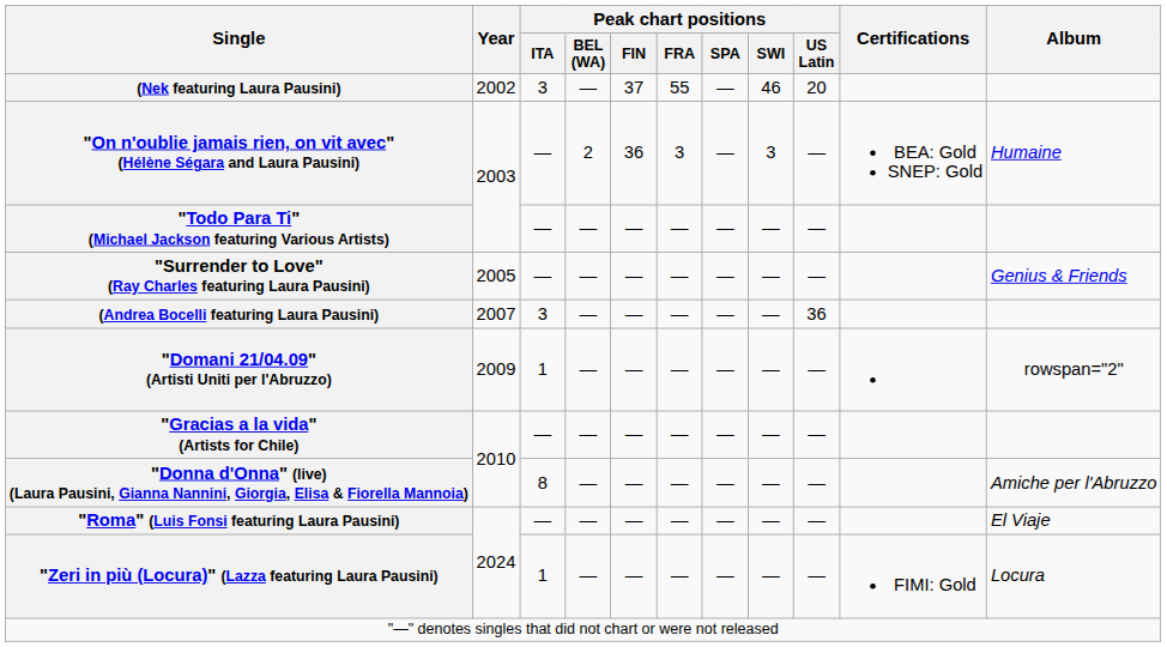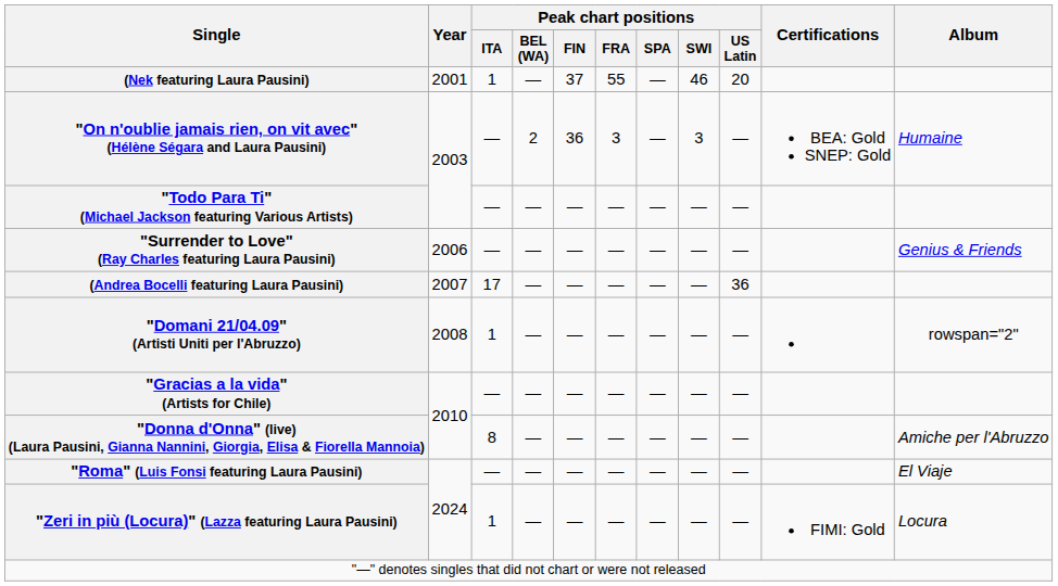 <table class="wikitable plainrowheaders" style="text-align:center;" border="1">
 <tr>
 <th scope="col" rowspan="2">Single</th>
 <th scope="col" rowspan="2">Year</th>
 <th scope="col" colspan="7">Peak chart positions</th>
 <th scope="col" rowspan="2">Certifications</th>
 <th scope="col" rowspan="2">Album</th>
 </tr>
 <tr>
 <th scope="col" style="width:35px;font-size:85%;">ITA<br></th>
 <th scope="col" style="width:35px;font-size:85%;">BEL<br>(WA)<br></th>
 <th scope="col" style="width:35px;font-size:85%;">FIN<br></th>
 <th scope="col" style="width:35px;font-size:85%;">FRA<br></th>
 <th scope="col" style="width:35px;font-size:85%;">SPA<br></th>
 <th scope="col" style="width:35px;font-size:85%;">SWI<br></th>
 <th scope="col" style="width:35px;font-size:85%;">US<br>Latin<br></th>
 </tr>
 <tr>
 <th scope="row"><small>(<a href='#'>Nek</a> featuring Laura Pausini)</small></th>
-<td>2002</td>
-<td>3</td>
+<td>2001</td>
+<td>1</td>
 <td>—</td>
 <td>37</td>
 <td>55</td>
 <td>—</td>
 <td>46</td>
 <td>20</td>
 <td></td>
 <td></td>
 </tr>
 <tr>
 <th scope="row">"<a href='#'>On n'oublie jamais rien, on vit avec</a>" <br><small>(<a href='#'>Hélène Ségara</a> and Laura Pausini)</small></th>
 <td rowspan="2">2003</td>
 <td>—</td>
 <td>2</td>
 <td>36</td>
 <td>3</td>
 <td>—</td>
 <td>3</td>
 <td>—</td>
 <td><br><ul><li>BEA: Gold</li><li>SNEP: Gold</li></ul></td>
 <td style="text-align:left;"><em><a href='#'>Humaine</a></em></td>
 </tr>
 <tr>
 <th scope="row">"<a href='#'>Todo Para Ti</a>"<br><small>(<a href='#'>Michael Jackson</a> featuring Various Artists)</small></th>
 <td>—</td>
 <td>—</td>
 <td>—</td>
 <td>—</td>
 <td>—</td>
 <td>—</td>
 <td>—</td>
 <td></td>
 <td></td>
 </tr>
 <tr>
 <th scope="row">"Surrender to Love"<br><small>(<a href='#'>Ray Charles</a> featuring Laura Pausini)</small></th>
-<td>2005</td>
+<td>2006</td>
 <td>—</td>
 <td>—</td>
 <td>—</td>
 <td>—</td>
 <td>—</td>
 <td>—</td>
 <td>—</td>
 <td></td>
 <td style="text-align:left;"><em><a href='#'>Genius & Friends</a></em></td>
 </tr>
 <tr>
 <th scope="row"><small>(<a href='#'>Andrea Bocelli</a> featuring Laura Pausini)</small></th>
 <td>2007</td>
-<td>3</td>
+<td>17</td>
 <td>—</td>
 <td>—</td>
 <td>—</td>
 <td>—</td>
 <td>—</td>
 <td>36</td>
 <td></td>
 <td></td>
 </tr>
 <tr>
 <th scope="row">"<a href='#'>Domani 21/04.09</a>"<br><small>(Artisti Uniti per l'Abruzzo)</small></th>
-<td>2009</td>
+<td>2008</td>
 <td>1</td>
 <td>—</td>
 <td>—</td>
 <td>—</td>
 <td>—</td>
 <td>—</td>
 <td>—</td>
 <td><br><ul><li></li></ul></td>
 <td>rowspan="2" </td>
 </tr>
 <tr>
 <th scope="row">"<a href='#'>Gracias a la vida</a>"<br><small>(Artists for Chile)</small></th>
 <td rowspan="2">2010</td>
 <td>—</td>
 <td>—</td>
 <td>—</td>
 <td>—</td>
 <td>—</td>
 <td>—</td>
 <td>—</td>
 <td></td>
 </tr>
 <tr>
 <th scope="row">"<a href='#'>Donna d'Onna</a>" <small>(live)</small><br><small>(Laura Pausini, <a href='#'>Gianna Nannini</a>, <a href='#'>Giorgia</a>, <a href='#'>Elisa</a> & <a href='#'>Fiorella Mannoia</a>)</small></th>
 <td>8</td>
 <td>—</td>
 <td>—</td>
 <td>—</td>
 <td>—</td>
 <td>—</td>
 <td>—</td>
 <td></td>
 <td style="text-align:left;"><em>Amiche per l'Abruzzo</em></td>
 </tr>
 <tr>
 <th scope="row">"<a href='#'>Roma</a>" <small>(<a href='#'>Luis Fonsi</a> featuring Laura Pausini)</small></th>
 <td rowspan="2">2024</td>
 <td>—</td>
 <td>—</td>
 <td>—</td>
 <td>—</td>
 <td>—</td>
 <td>—</td>
 <td>—</td>
 <td></td>
 <td style="text-align:left;"><em>El Viaje</em></td>
 </tr>
 <tr>
 <th scope="row">"<a href='#'>Zeri in più (Locura)</a>" <small>(<a href='#'>Lazza</a> featuring Laura Pausini)</small></th>
 <td>1</td>
 <td>—</td>
 <td>—</td>
 <td>—</td>
 <td>—</td>
 <td>—</td>
 <td>—</td>
 <td><br><ul><li>FIMI: Gold</li></ul></td>
 <td style="text-align:left;"><em>Locura</em></td>
 </tr>
 <tr>
 <td align="center" colspan="30" style="font-size:85%">"—" denotes singles that did not chart or were not released</td>
 </tr>
 </table>
